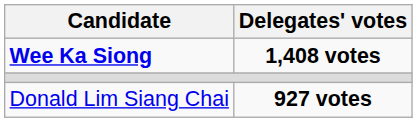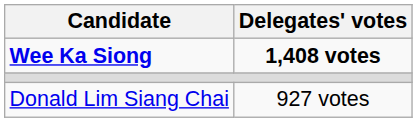 <table class=wikitable style=text-align:center>
 <tr>
 <th>Candidate</th>
 <th>Delegates' votes</th>
 </tr>
 <tr>
 <td align=left><strong><a href='#'>Wee Ka Siong</a></strong></td>
 <td><strong>1,408 votes</strong></td>
 </tr>
 <tr>
 <td colspan=3 bgcolor=dcdcdc></td>
 </tr>
 <tr>
 <td align=left><a href='#'>Donald Lim Siang Chai</a></td>
-<td><strong>927 votes</strong></td>
+<td>927 votes</td>
 </tr>
 </table>
